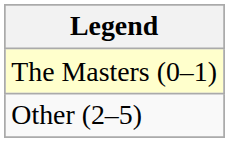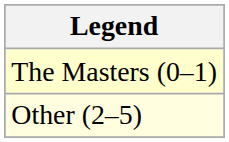 <table class="wikitable">
 <tr>
 <th>Legend</th>
 </tr>
 <tr bgcolor="ffffcc">
 <td>The Masters (0–1)</td>
 </tr>
 <tr>
-<td>Other (2–5)</td>
+<td style="background: lightyellow;">Other (2–5)</td>
 </tr>
 </table>
